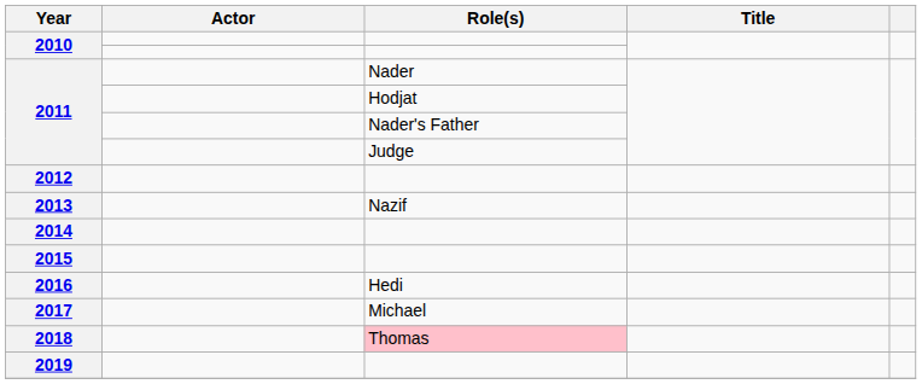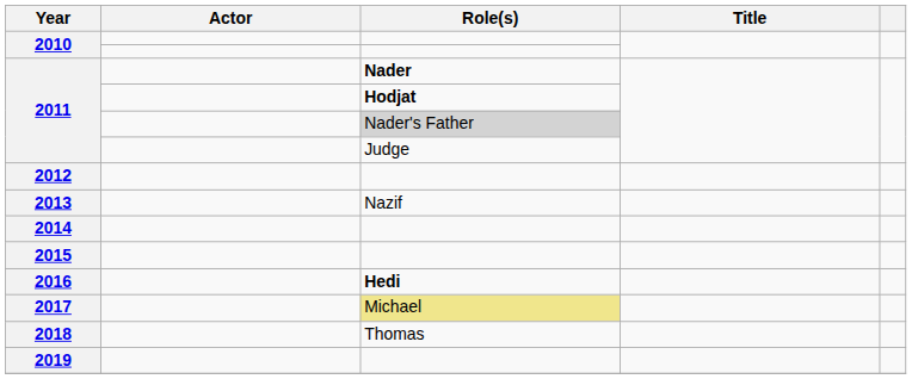 <table class="wikitable unsortable">
 <tr>
 <th scope="col" style="width:3%;">Year</th>
 <th scope="col" style="width:10%;">Actor</th>
 <th scope="col" style="width:10%;">Role(s)</th>
 <th scope="col" style="width:10%;">Title</th>
 <th scope="col" style="width:1%;" class="unsortable"></th>
 </tr>
 <tr>
 <th scope="row", rowspan="2" style="text-align:center;"><a href='#'>2010</a></th>
 <td></td>
 <td></td>
 <td rowspan="2"></td>
 <td rowspan="2" style="text-align:center;"></td>
 </tr>
 <tr>
 <td></td>
 <td></td>
 </tr>
 <tr>
 <th scope="row", rowspan="4" style="text-align:center;"><a href='#'>2011</a></th>
 <td> </td>
-<td>Nader</td>
+<td><strong>Nader</strong></td>
 <td rowspan="4"></td>
 <td rowspan="4" style="text-align:center;"></td>
 </tr>
 <tr>
 <td> </td>
-<td>Hodjat</td>
+<td><strong>Hodjat</strong></td>
 </tr>
 <tr>
 <td> </td>
-<td>Nader's Father</td>
+<td style="background: lightgrey;">Nader's Father</td>
 </tr>
 <tr>
 <td> </td>
 <td>Judge</td>
 </tr>
 <tr>
 <th scope="row", style="text-align:center;"><a href='#'>2012</a></th>
 <td></td>
 <td></td>
 <td></td>
 <td style="text-align:center;"></td>
 </tr>
 <tr>
 <th scope="row", style="text-align:center;"><a href='#'>2013</a></th>
 <td></td>
 <td>Nazif</td>
 <td></td>
 <td style="text-align:center;"></td>
 </tr>
 <tr>
 <th scope="row", style="text-align:center;"><a href='#'>2014</a></th>
 <td></td>
 <td></td>
 <td></td>
 <td style="text-align:center;"></td>
 </tr>
 <tr>
 <th scope="row", style="text-align:center;"><a href='#'>2015</a></th>
 <td></td>
 <td></td>
 <td colspan="1"></td>
 <td style="text-align:center;"></td>
 </tr>
 <tr>
 <th scope="row", style="text-align:center;"><a href='#'>2016</a></th>
 <td></td>
-<td>Hedi</td>
+<td><strong>Hedi</strong></td>
 <td></td>
 <td style="text-align:center;"></td>
 </tr>
 <tr>
 <th scope="row", style="text-align:center;"><a href='#'>2017</a></th>
 <td></td>
-<td>Michael</td>
+<td style="background: khaki;">Michael</td>
 <td></td>
 <td style="text-align:center;"></td>
 </tr>
 <tr>
 <th scope="row", style="text-align:center;"><a href='#'>2018</a></th>
 <td></td>
-<td style="background: pink;">Thomas</td>
+<td>Thomas</td>
 <td></td>
 <td style="text-align:center;"></td>
 </tr>
 <tr>
 <th scope="row", style="text-align:center;"><a href='#'>2019</a></th>
 <td></td>
 <td></td>
 <td></td>
 <td style="text-align:center;"></td>
 </tr>
 <tr>
 </tr>
 </table>
